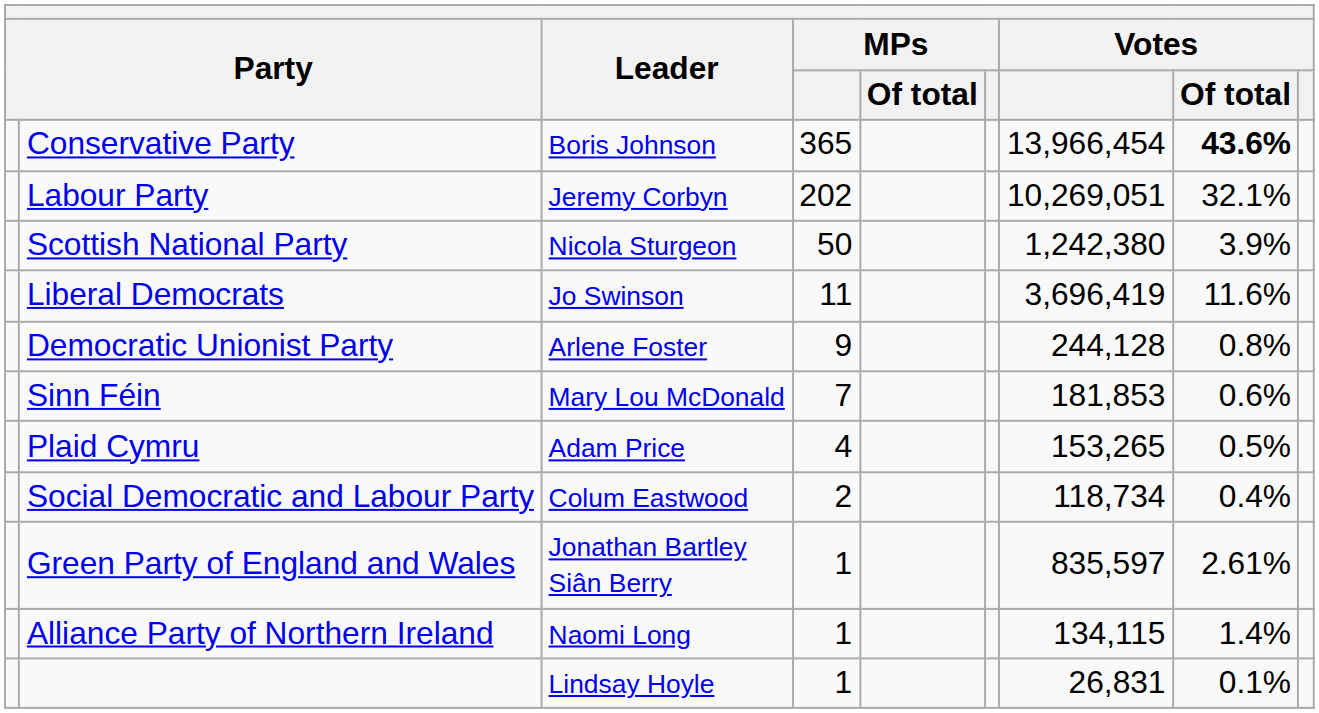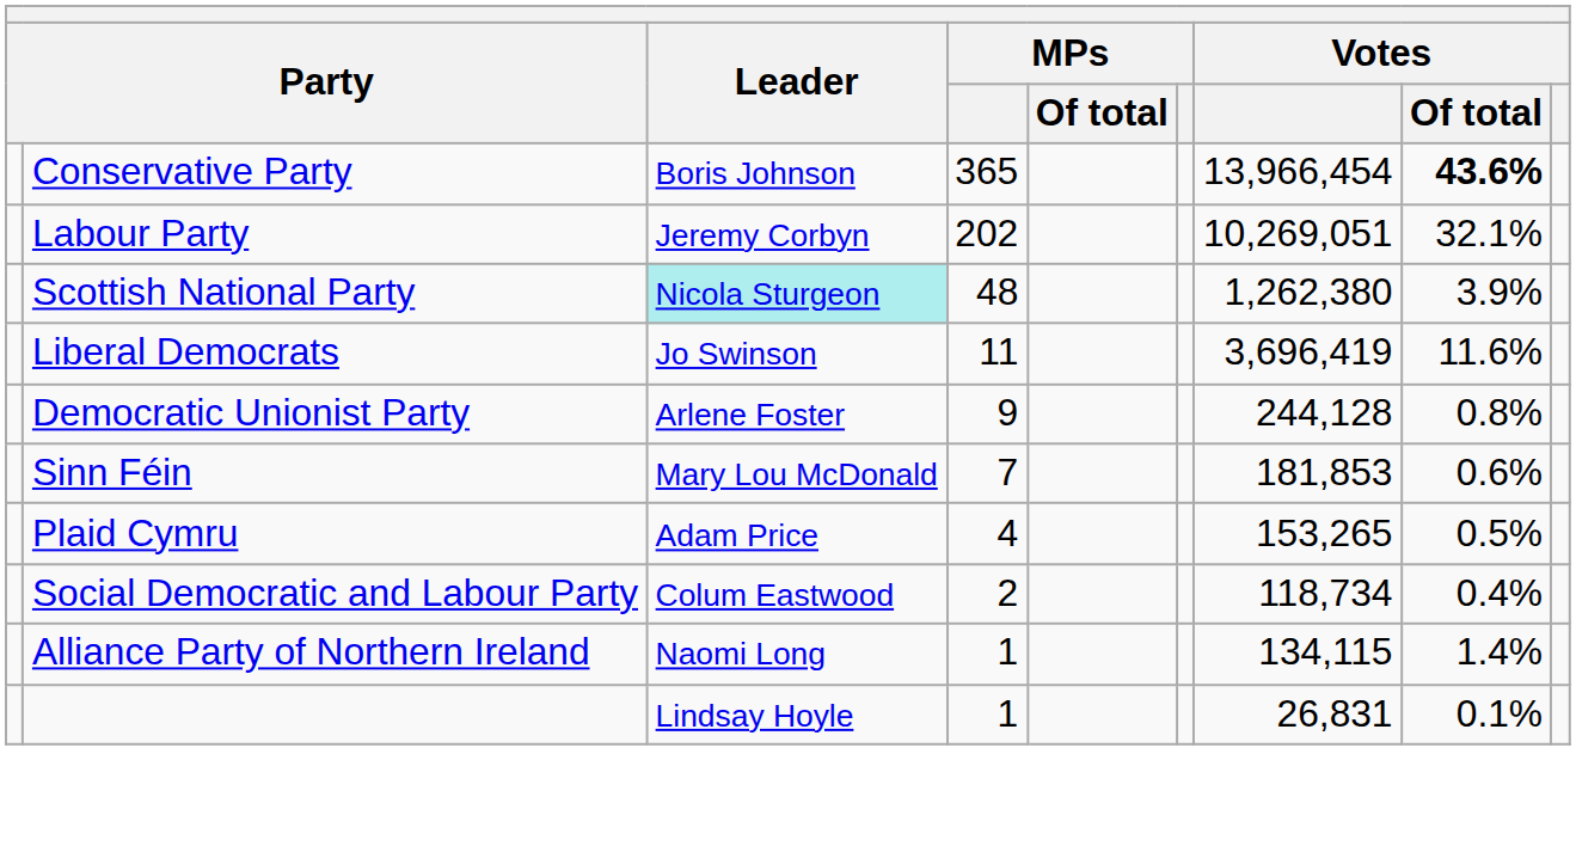 <table class="wikitable sortable" style="text-align:center;">
 <tr>
 <th colspan="9"></th>
 </tr>
 <tr>
 <th colspan="2" rowspan="2">Party</th>
 <th rowspan="2">Leader</th>
 <th colspan="3">MPs</th>
 <th colspan="3">Votes</th>
 </tr>
 <tr>
 <th></th>
 <th>Of total</th>
 <th class="unsortable"></th>
 <th></th>
 <th>Of total</th>
 <th class="unsortable"></th>
 </tr>
 <tr>
 <td style="color:inherit;background:"></td>
 <td style="text-align:left;"><a href='#'>Conservative Party</a></td>
 <td style="text-align:left;"><small><a href='#'>Boris Johnson</a></small></td>
 <td style="text-align:right;">365</td>
 <td style="text-align:right;"></td>
 <td data-sort-value=""></td>
 <td style="text-align:right;">13,966,454</td>
 <td style="text-align:right;"><strong>43.6%</strong></td>
 <td></td>
 </tr>
 <tr>
 <td style="color:inherit;background:"></td>
 <td style="text-align:left;"><a href='#'>Labour Party</a></td>
 <td style="text-align:left;"><small><a href='#'>Jeremy Corbyn</a></small></td>
 <td style="text-align:right;">202</td>
 <td style="text-align:right;"></td>
 <td data-sort-value=""></td>
 <td style="text-align:right;">10,269,051</td>
 <td style="text-align:right;">32.1%</td>
 <td></td>
 </tr>
 <tr>
 <td style="color:inherit;background:"></td>
 <td style="text-align:left;"><a href='#'>Scottish National Party</a></td>
-<td style="text-align:left;"><small><a href='#'>Nicola Sturgeon</a></small></td>
-<td style="text-align:right;">50</td>
+<td style="background: paleturquoise; text-align:left;"><small><a href='#'>Nicola Sturgeon</a></small></td>
+<td style="text-align:right;">48</td>
 <td style="text-align:right;"></td>
 <td data-sort-value=""></td>
-<td style="text-align:right;">1,242,380</td>
+<td style="text-align:right;">1,262,380</td>
 <td style="text-align:right;">3.9%</td>
 <td></td>
 </tr>
 <tr>
 <td style="color:inherit;background:"></td>
 <td style="text-align:left;"><a href='#'>Liberal Democrats</a></td>
 <td style="text-align:left;"><small><a href='#'>Jo Swinson</a></small></td>
 <td style="text-align:right;">11</td>
 <td style="text-align:right;"></td>
 <td data-sort-value=""></td>
 <td style="text-align:right;">3,696,419</td>
 <td style="text-align:right;">11.6%</td>
 <td></td>
 </tr>
 <tr>
 <td style="color:inherit;background:"></td>
 <td style="text-align:left;"><a href='#'>Democratic Unionist Party</a></td>
 <td style="text-align:left;"><small><a href='#'>Arlene Foster</a></small></td>
 <td style="text-align:right;">9</td>
 <td style="text-align:right;"></td>
 <td data-sort-value=""></td>
 <td style="text-align:right;">244,128</td>
 <td style="text-align:right;">0.8%</td>
 <td></td>
 </tr>
 <tr>
 <td style="color:inherit;background:"></td>
 <td style="text-align:left;"><a href='#'>Sinn Féin</a></td>
 <td style="text-align:left;"><small><a href='#'>Mary Lou McDonald</a></small></td>
 <td style="text-align:right;">7</td>
 <td style="text-align:right;"></td>
 <td data-sort-value=""></td>
 <td style="text-align:right;">181,853</td>
 <td style="text-align:right;">0.6%</td>
 <td></td>
 </tr>
 <tr>
 <td style="color:inherit;background:"></td>
 <td style="text-align:left;"><a href='#'>Plaid Cymru</a></td>
 <td style="text-align:left;"><small><a href='#'>Adam Price</a></small></td>
 <td style="text-align:right;">4</td>
 <td style="text-align:right;"></td>
 <td data-sort-value=""></td>
 <td style="text-align:right;">153,265</td>
 <td style="text-align:right;">0.5%</td>
 <td></td>
 </tr>
 <tr>
 <td style="color:inherit;background:"></td>
 <td style="text-align:left;"><a href='#'>Social Democratic and Labour Party</a></td>
 <td style="text-align:left;"><small><a href='#'>Colum Eastwood</a></small></td>
 <td style="text-align:right;">2</td>
 <td style="text-align:right;"></td>
 <td data-sort-value=""></td>
 <td style="text-align:right;">118,734</td>
 <td style="text-align:right;">0.4%</td>
 <td></td>
 </tr>
 <tr>
 <td style="color:inherit;background:"></td>
-<td style="text-align:left;"><a href='#'>Green Party of England and Wales</a></td>
-<td style="text-align:left;"><small><a href='#'>Jonathan Bartley</a><br><a href='#'>Siân Berry</a></small></td>
-<td style="text-align:right;">1</td>
-<td style="text-align:right;"></td>
-<td data-sort-value=""></td>
-<td style="text-align:right;">835,597</td>
-<td style="text-align:right;">2.61%</td>
-<td></td>
-</tr>
-<tr>
-<td style="color:inherit;background:"></td>
 <td style="text-align:left;"><a href='#'>Alliance Party of Northern Ireland</a></td>
 <td style="text-align:left;"><small><a href='#'>Naomi Long</a></small></td>
 <td style="text-align:right;">1</td>
 <td style="text-align:right;"></td>
 <td data-sort-value=""></td>
 <td style="text-align:right;">134,115</td>
 <td style="text-align:right;">1.4%</td>
 <td></td>
 </tr>
 <tr>
 <td style="color:inherit;background:"></td>
 <td></td>
 <td style="text-align:left;"><small><a href='#'>Lindsay Hoyle</a></small></td>
 <td style="text-align:right;">1</td>
 <td style="text-align:right;"></td>
 <td data-sort-value=""></td>
 <td style="text-align:right;">26,831</td>
 <td style="text-align:right;">0.1%</td>
 <td></td>
 </tr>
 </table>
